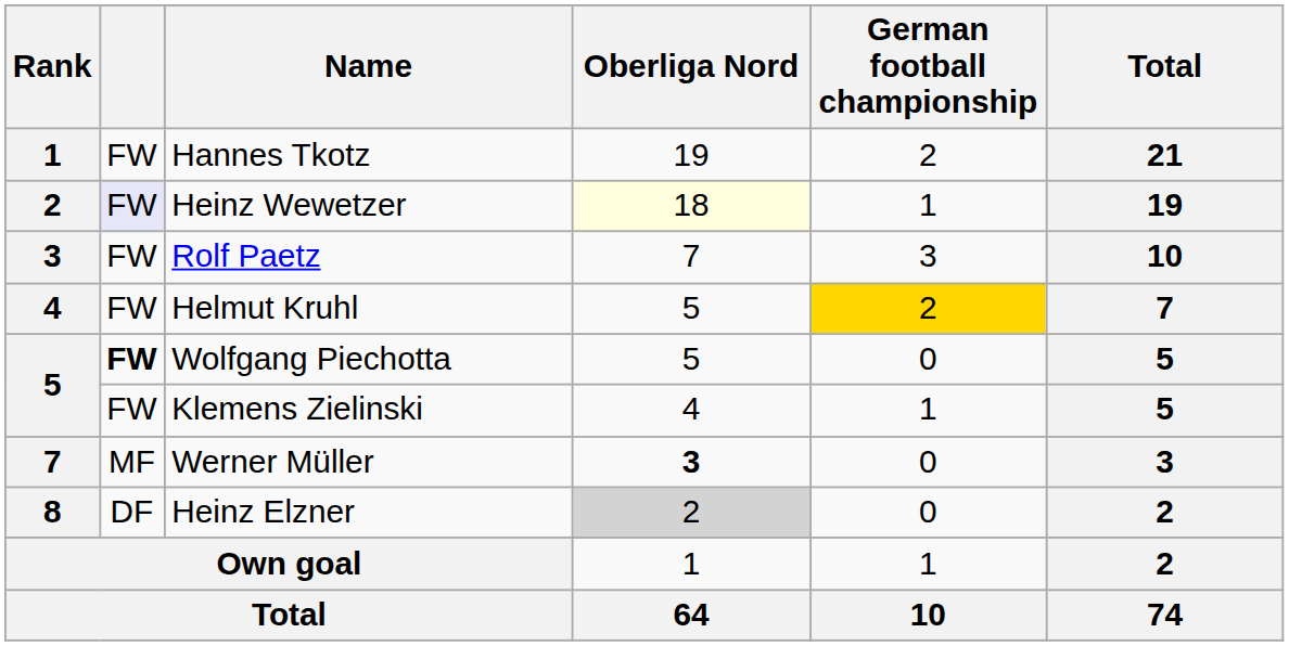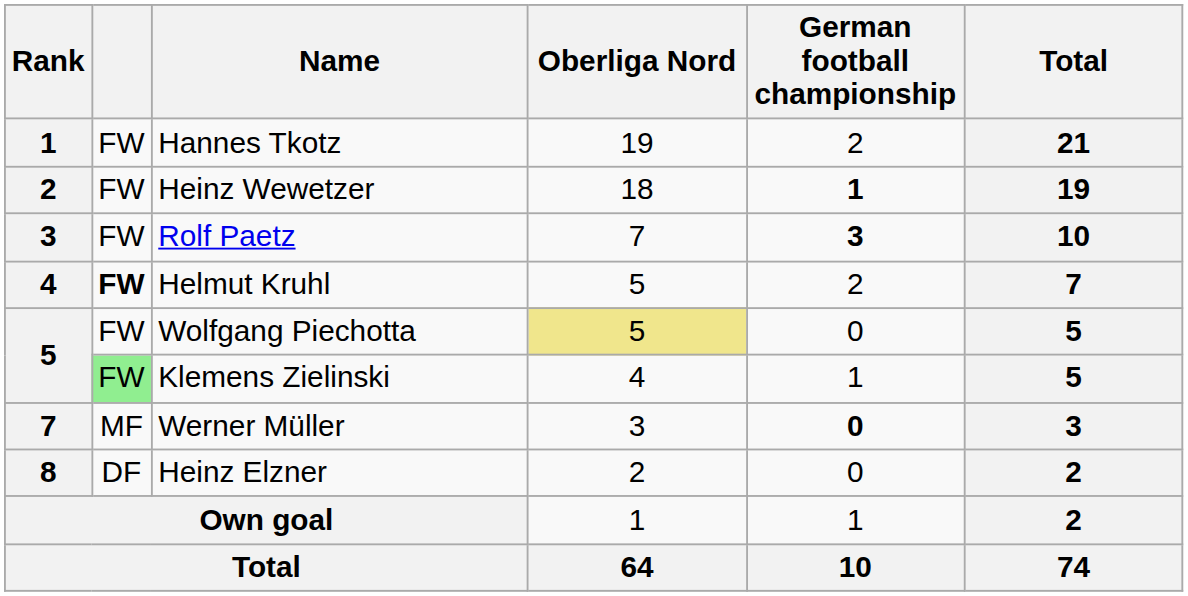 <table class="wikitable" style="text-align:center;">
 <tr>
 <th>Rank</th>
 <th width=15></th>
 <th width=195>Name</th>
 <th width=110>Oberliga Nord</th>
 <th width=110>German football championship</th>
 <th width=110>Total</th>
 </tr>
 <tr>
 <th>1</th>
 <td>FW</td>
 <td align="left"> Hannes Tkotz</td>
 <td>19</td>
 <td>2</td>
 <th>21</th>
 </tr>
 <tr>
 <th>2</th>
-<td style="background: lavender;">FW</td>
+<td>FW</td>
 <td align="left"> Heinz Wewetzer</td>
-<td style="background: lightyellow;">18</td>
-<td>1</td>
+<td>18</td>
+<td><strong>1</strong></td>
 <th>19</th>
 </tr>
 <tr>
 <th>3</th>
 <td>FW</td>
 <td align="left"> <a href='#'>Rolf Paetz</a></td>
 <td>7</td>
-<td>3</td>
+<td><strong>3</strong></td>
 <th>10</th>
 </tr>
 <tr>
 <th>4</th>
-<td>FW</td>
+<td><strong>FW</strong></td>
 <td align="left"> Helmut Kruhl</td>
 <td>5</td>
-<td style="background: gold;">2</td>
+<td>2</td>
 <th>7</th>
 </tr>
 <tr>
 <th rowspan=2>5</th>
-<td><strong>FW</strong></td>
+<td>FW</td>
 <td align="left"> Wolfgang Piechotta</td>
-<td>5</td>
+<td style="background: khaki;">5</td>
 <td>0</td>
 <th>5</th>
 </tr>
 <tr>
-<td>FW</td>
+<td style="background: lightgreen;">FW</td>
 <td align="left"> Klemens Zielinski</td>
 <td>4</td>
 <td>1</td>
 <th>5</th>
 </tr>
 <tr>
 <th>7</th>
 <td>MF</td>
 <td align="left"> Werner Müller</td>
-<td><strong>3</strong></td>
-<td>0</td>
+<td>3</td>
+<td><strong>0</strong></td>
 <th>3</th>
 </tr>
 <tr>
 <th>8</th>
 <td>DF</td>
 <td align="left"> Heinz Elzner</td>
-<td style="background: lightgrey;">2</td>
+<td>2</td>
 <td>0</td>
 <th>2</th>
 </tr>
 <tr>
 <th colspan=3>Own goal</th>
 <td>1</td>
 <td>1</td>
 <th>2</th>
 </tr>
 <tr>
 <th colspan=3>Total</th>
 <th>64</th>
 <th>10</th>
 <th>74</th>
 </tr>
 </table>
